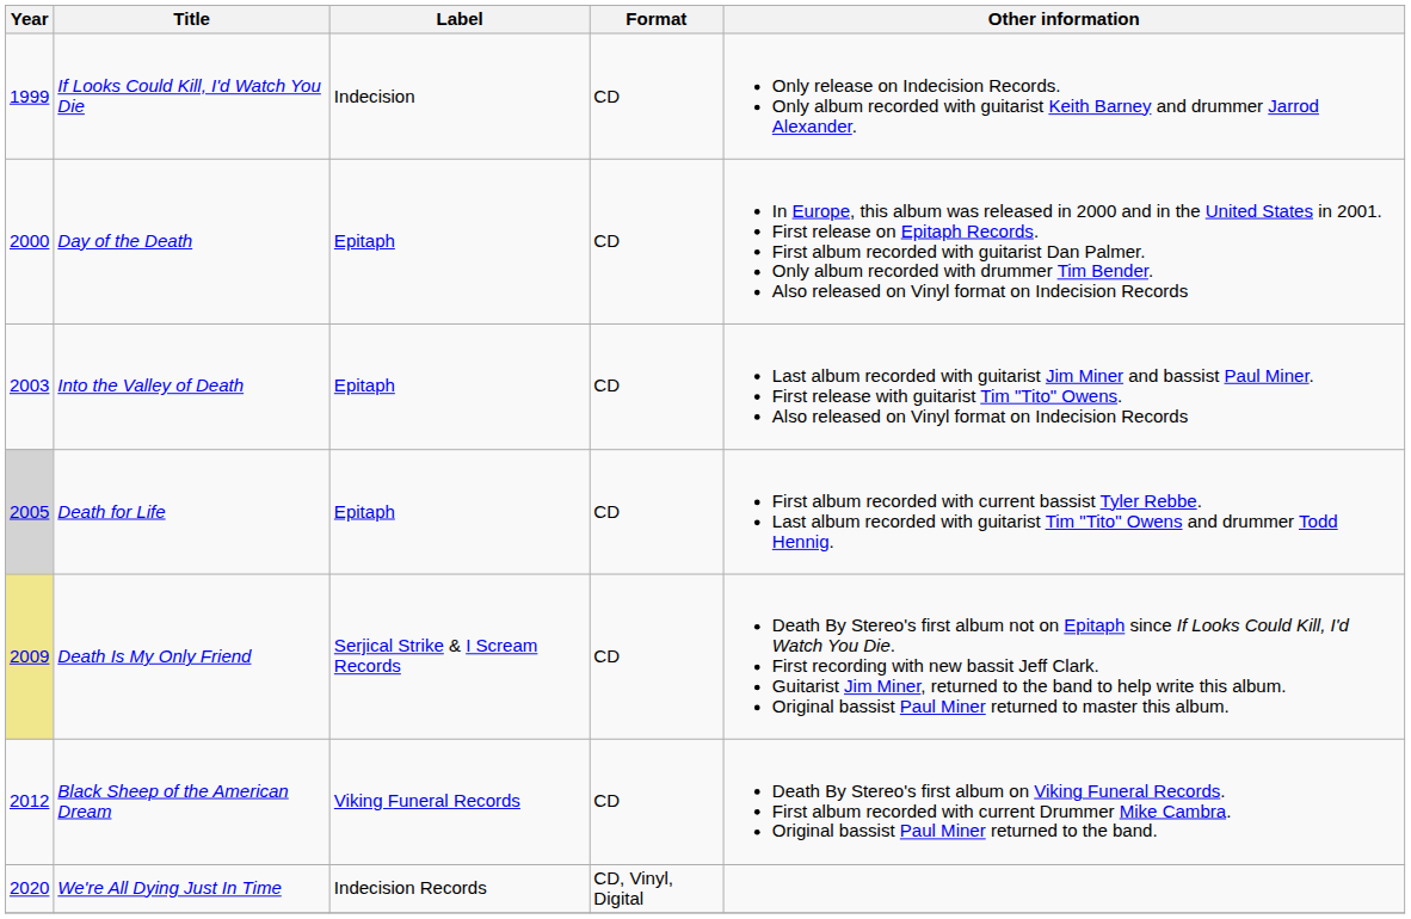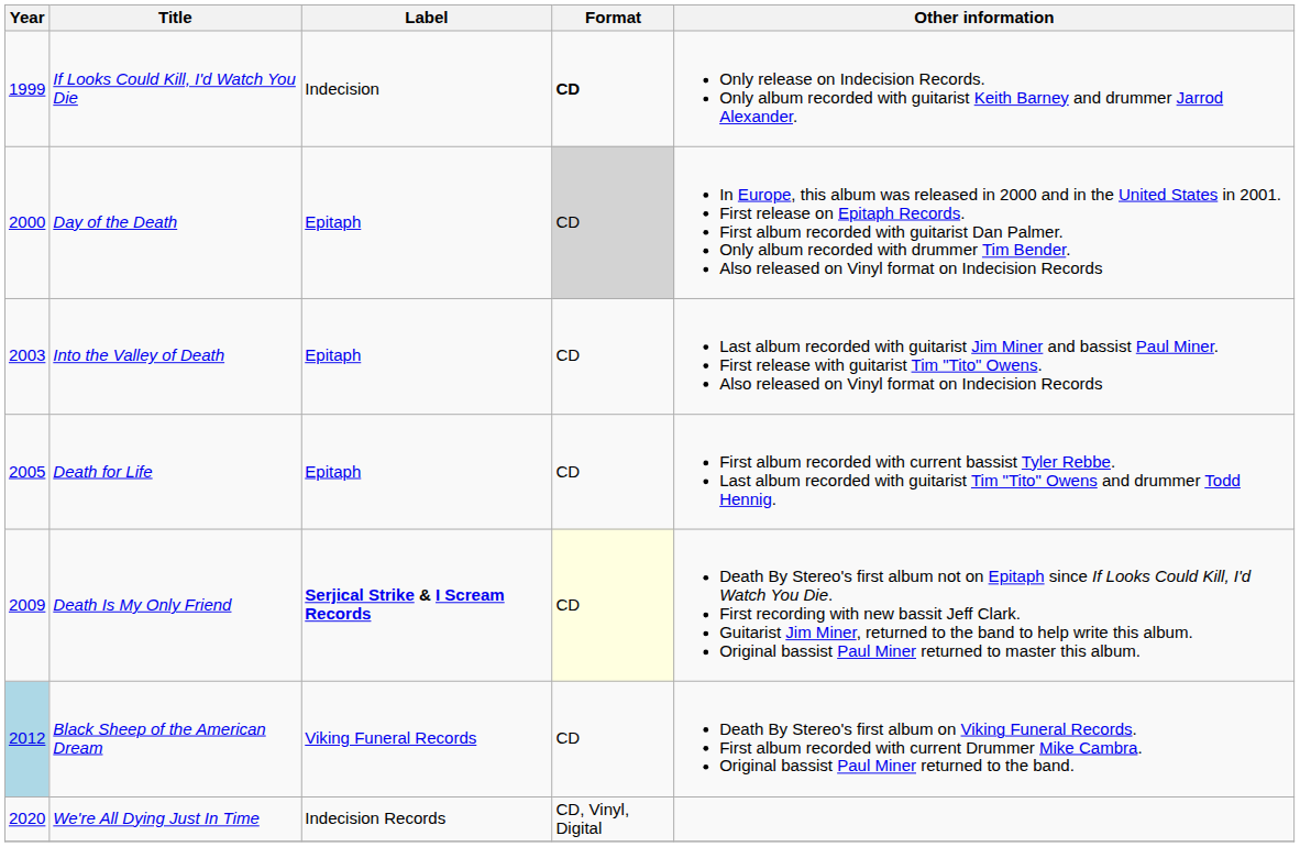 <table class="wikitable">
 <tr>
 <th>Year</th>
 <th>Title</th>
 <th>Label</th>
 <th>Format</th>
 <th>Other information</th>
 </tr>
 <tr>
 <td><a href='#'>1999</a></td>
 <td><em><a href='#'>If Looks Could Kill, I'd Watch You Die</a></em></td>
 <td>Indecision</td>
-<td>CD</td>
+<td><strong>CD</strong></td>
 <td><br><ul><li>Only release on Indecision Records.</li><li>Only album recorded with guitarist <a href='#'>Keith Barney</a> and drummer <a href='#'>Jarrod Alexander</a>.</li></ul></td>
 </tr>
 <tr>
 <td><a href='#'>2000</a></td>
 <td><em><a href='#'>Day of the Death</a></em></td>
 <td><a href='#'>Epitaph</a></td>
-<td>CD</td>
+<td style="background: lightgrey;">CD</td>
 <td><br><ul><li>In <a href='#'>Europe</a>, this album was released in 2000 and in the <a href='#'>United States</a> in 2001.</li><li>First release on <a href='#'>Epitaph Records</a>.</li><li>First album recorded with guitarist Dan Palmer.</li><li>Only album recorded with drummer <a href='#'>Tim Bender</a>.</li><li>Also released on Vinyl format on Indecision Records</li></ul></td>
 </tr>
 <tr>
 <td><a href='#'>2003</a></td>
 <td><em><a href='#'>Into the Valley of Death</a></em></td>
 <td><a href='#'>Epitaph</a></td>
 <td>CD</td>
 <td><br><ul><li>Last album recorded with guitarist <a href='#'>Jim Miner</a> and bassist <a href='#'>Paul Miner</a>.</li><li>First release with guitarist <a href='#'>Tim "Tito" Owens</a>.</li><li>Also released on Vinyl format on Indecision Records</li></ul></td>
 </tr>
 <tr>
-<td style="background: lightgrey;"><a href='#'>2005</a></td>
+<td><a href='#'>2005</a></td>
 <td><em><a href='#'>Death for Life</a></em></td>
 <td><a href='#'>Epitaph</a></td>
 <td>CD</td>
 <td><br><ul><li>First album recorded with current bassist <a href='#'>Tyler Rebbe</a>.</li><li>Last album recorded with guitarist <a href='#'>Tim "Tito" Owens</a> and drummer <a href='#'>Todd Hennig</a>.</li></ul></td>
 </tr>
 <tr>
-<td style="background: khaki;"><a href='#'>2009</a></td>
+<td><a href='#'>2009</a></td>
 <td><em><a href='#'>Death Is My Only Friend</a></em></td>
-<td><a href='#'>Serjical Strike</a> & <a href='#'>I Scream Records</a></td>
-<td>CD</td>
+<td><strong><a href='#'>Serjical Strike</a> & <a href='#'>I Scream Records</a></strong></td>
+<td style="background: lightyellow;">CD</td>
 <td><br><ul><li>Death By Stereo's first album not on <a href='#'>Epitaph</a> since <em>If Looks Could Kill, I'd Watch You Die</em>.</li><li>First recording with new bassit Jeff Clark.</li><li>Guitarist <a href='#'>Jim Miner</a>, returned to the band to help write this album.</li><li>Original bassist <a href='#'>Paul Miner</a> returned to master this album.</li></ul></td>
 </tr>
 <tr>
-<td><a href='#'>2012</a></td>
+<td style="background: lightblue;"><a href='#'>2012</a></td>
 <td><em><a href='#'>Black Sheep of the American Dream</a></em></td>
 <td><a href='#'>Viking Funeral Records</a></td>
 <td>CD</td>
 <td><br><ul><li>Death By Stereo's first album on <a href='#'>Viking Funeral Records</a>.</li><li>First album recorded with current Drummer <a href='#'>Mike Cambra</a>.</li><li>Original bassist <a href='#'>Paul Miner</a> returned to the band.</li></ul></td>
 </tr>
 <tr>
 <td><a href='#'>2020</a></td>
 <td><em><a href='#'>We're All Dying Just In Time</a></em></td>
 <td>Indecision Records</td>
 <td>CD, Vinyl, Digital</td>
 <td></td>
 </tr>
 <tr>
 </tr>
 </table>
